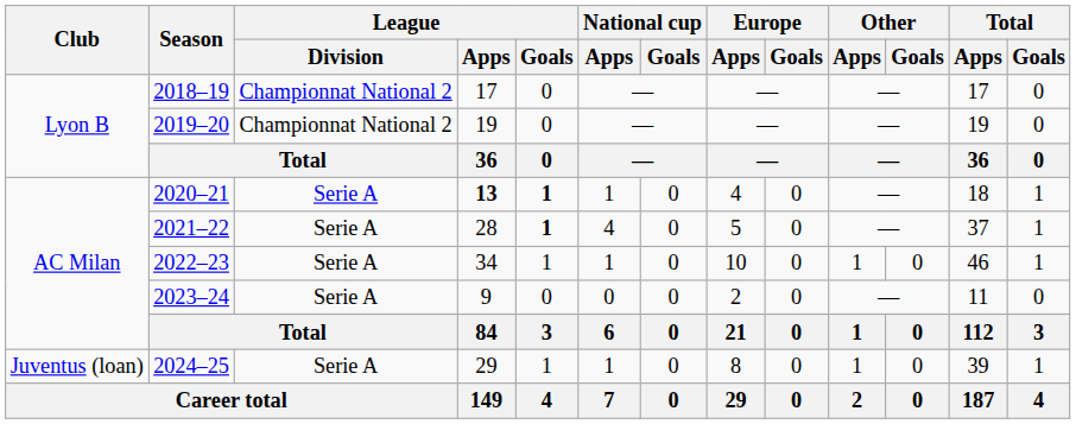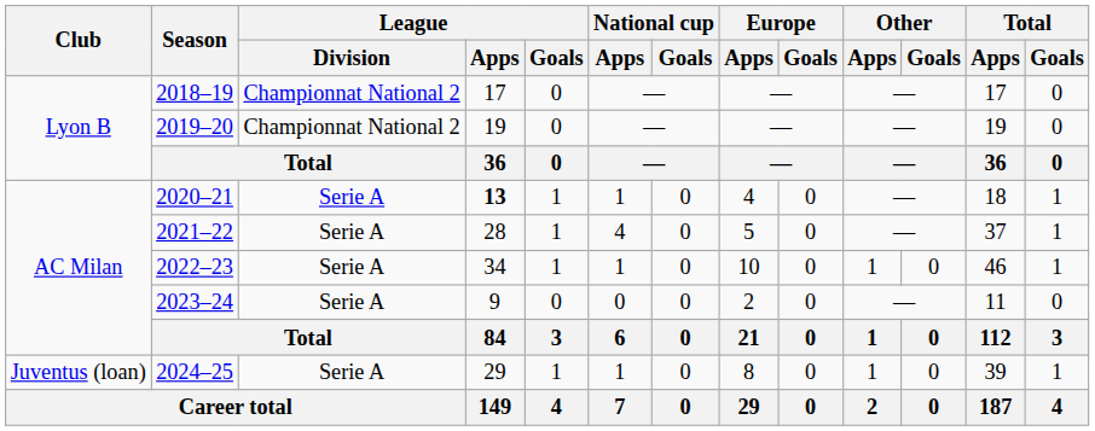 <table class="wikitable" style="text-align:center">
 <tr>
 <th rowspan="2">Club</th>
 <th rowspan="2">Season</th>
 <th colspan="3">League</th>
 <th colspan="2">National cup</th>
 <th colspan="2">Europe</th>
 <th colspan="2">Other</th>
 <th colspan="2">Total</th>
 </tr>
 <tr>
 <th>Division</th>
 <th>Apps</th>
 <th>Goals</th>
 <th>Apps</th>
 <th>Goals</th>
 <th>Apps</th>
 <th>Goals</th>
 <th>Apps</th>
 <th>Goals</th>
 <th>Apps</th>
 <th>Goals</th>
 </tr>
 <tr>
 <td rowspan="3"><a href='#'>Lyon B</a></td>
 <td><a href='#'>2018–19</a></td>
 <td><a href='#'>Championnat National 2</a></td>
 <td>17</td>
 <td>0</td>
 <td colspan="2">—</td>
 <td colspan="2">—</td>
 <td colspan="2">—</td>
 <td>17</td>
 <td>0</td>
 </tr>
 <tr>
 <td><a href='#'>2019–20</a></td>
 <td>Championnat National 2</td>
 <td>19</td>
 <td>0</td>
 <td colspan="2">—</td>
 <td colspan="2">—</td>
 <td colspan="2">—</td>
 <td>19</td>
 <td>0</td>
 </tr>
 <tr>
 <th colspan="2">Total</th>
 <th>36</th>
 <th>0</th>
 <th colspan="2">—</th>
 <th colspan="2">—</th>
 <th colspan="2">—</th>
 <th>36</th>
 <th>0</th>
 </tr>
 <tr>
 <td rowspan="5"><a href='#'>AC Milan</a></td>
 <td><a href='#'>2020–21</a></td>
 <td><a href='#'>Serie A</a></td>
 <td><strong>13</strong></td>
-<td><strong>1</strong></td>
+<td>1</td>
 <td>1</td>
 <td>0</td>
 <td>4</td>
 <td>0</td>
 <td colspan="2">—</td>
 <td>18</td>
 <td>1</td>
 </tr>
 <tr>
 <td><a href='#'>2021–22</a></td>
 <td>Serie A</td>
 <td>28</td>
-<td><strong>1</strong></td>
+<td>1</td>
 <td>4</td>
 <td>0</td>
 <td>5</td>
 <td>0</td>
 <td colspan="2">—</td>
 <td>37</td>
 <td>1</td>
 </tr>
 <tr>
 <td><a href='#'>2022–23</a></td>
 <td>Serie A</td>
 <td>34</td>
 <td>1</td>
 <td>1</td>
 <td>0</td>
 <td>10</td>
 <td>0</td>
 <td>1</td>
 <td>0</td>
 <td>46</td>
 <td>1</td>
 </tr>
 <tr>
 <td><a href='#'>2023–24</a></td>
 <td>Serie A</td>
 <td>9</td>
 <td>0</td>
 <td>0</td>
 <td>0</td>
 <td>2</td>
 <td>0</td>
 <td colspan="2">—</td>
 <td>11</td>
 <td>0</td>
 </tr>
 <tr>
 <th colspan="2">Total</th>
 <th>84</th>
 <th>3</th>
 <th>6</th>
 <th>0</th>
 <th>21</th>
 <th>0</th>
 <th>1</th>
 <th>0</th>
 <th>112</th>
 <th>3</th>
 </tr>
 <tr>
 <td><a href='#'>Juventus</a> (loan)</td>
 <td><a href='#'>2024–25</a></td>
 <td>Serie A</td>
 <td>29</td>
 <td>1</td>
 <td>1</td>
 <td>0</td>
 <td>8</td>
 <td>0</td>
 <td>1</td>
 <td>0</td>
 <td>39</td>
 <td>1</td>
 </tr>
 <tr>
 <th colspan="3">Career total</th>
 <th>149</th>
 <th>4</th>
 <th>7</th>
 <th>0</th>
 <th>29</th>
 <th>0</th>
 <th>2</th>
 <th>0</th>
 <th>187</th>
 <th>4</th>
 </tr>
 </table>
